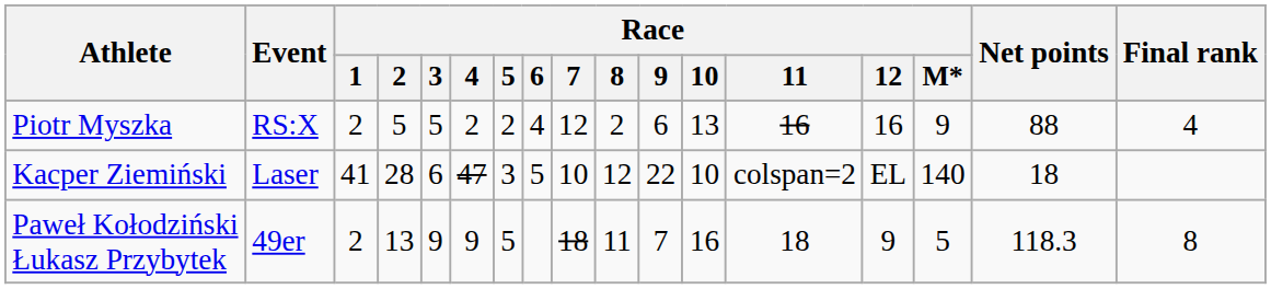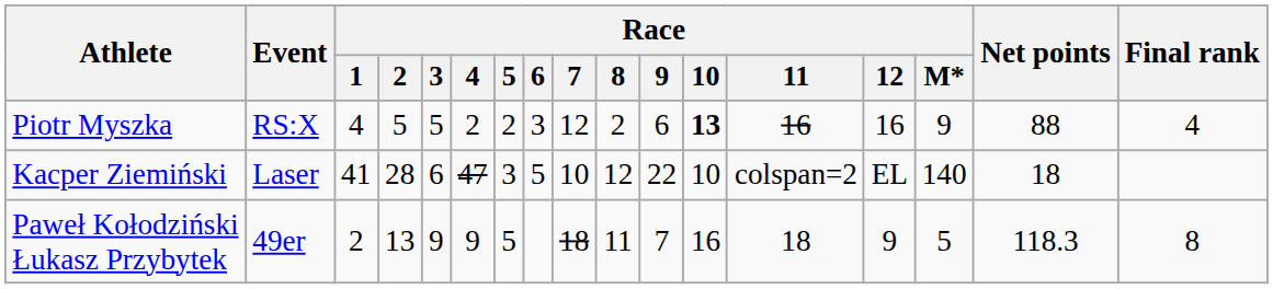 <table class="wikitable" style="font-size:90%">
 <tr>
 <th rowspan="2">Athlete</th>
 <th rowspan="2">Event</th>
 <th colspan=13>Race</th>
 <th rowspan=2>Net points</th>
 <th rowspan=2>Final rank</th>
 </tr>
 <tr style="font-size:95%">
 <th>1</th>
 <th>2</th>
 <th>3</th>
 <th>4</th>
 <th>5</th>
 <th>6</th>
 <th>7</th>
 <th>8</th>
 <th>9</th>
 <th>10</th>
 <th>11</th>
 <th>12</th>
 <th>M*</th>
 </tr>
 <tr align=center>
 <td align=left><a href='#'>Piotr Myszka</a></td>
 <td align=left><a href='#'>RS:X</a></td>
-<td>2</td>
+<td>4</td>
 <td>5</td>
 <td>5</td>
 <td>2</td>
 <td>2</td>
-<td>4</td>
+<td>3</td>
 <td>12</td>
 <td>2</td>
 <td>6</td>
-<td>13</td>
+<td><strong>13</strong></td>
 <td><s>16</s></td>
 <td>16</td>
 <td>9</td>
 <td>88</td>
 <td>4</td>
 </tr>
 <tr align=center>
 <td align=left><a href='#'>Kacper Ziemiński</a></td>
 <td align=left><a href='#'>Laser</a></td>
 <td>41</td>
 <td>28</td>
 <td>6</td>
 <td><s>47</s></td>
 <td>3</td>
 <td>5</td>
 <td>10</td>
 <td>12</td>
 <td>22</td>
 <td>10</td>
 <td>colspan=2 </td>
 <td>EL</td>
 <td>140</td>
 <td>18</td>
 </tr>
 <tr align=center>
 <td align=left><a href='#'>Paweł Kołodziński</a><br><a href='#'>Łukasz Przybytek</a></td>
 <td align=left><a href='#'>49er</a></td>
 <td>2</td>
 <td>13</td>
 <td>9</td>
 <td>9</td>
 <td>5</td>
 <td></td>
 <td><s>18</s></td>
 <td>11</td>
 <td>7</td>
 <td>16</td>
 <td>18</td>
 <td>9</td>
 <td>5</td>
 <td>118.3</td>
 <td>8</td>
 </tr>
 </table>
